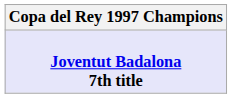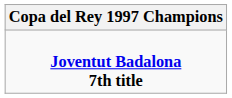 <table class=wikitable style="text-align:center; margin:auto">
 <tr>
 <th>Copa del Rey 1997 Champions</th>
 </tr>
 <tr>
-<td style="background: lavender;"><br> <strong><a href='#'>Joventut Badalona</a></strong> <br> <strong>7th title</strong></td>
+<td><br> <strong><a href='#'>Joventut Badalona</a></strong> <br> <strong>7th title</strong></td>
 </tr>
 </table>
